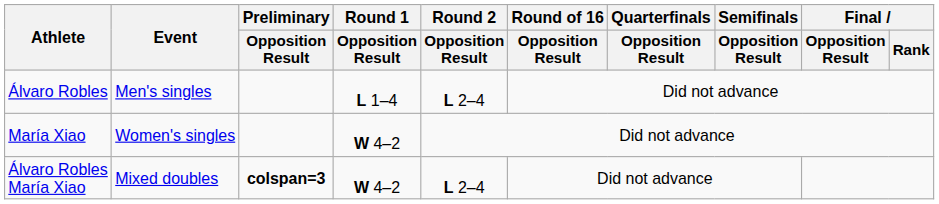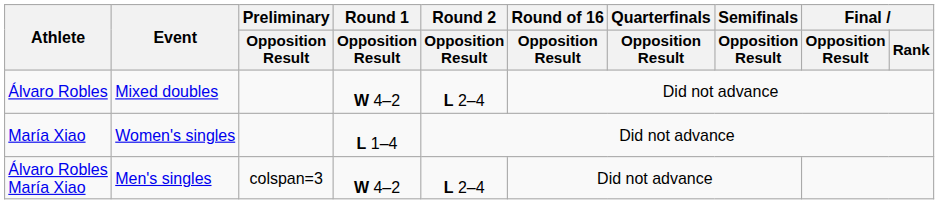 <table class=wikitable style=font-size:90%;text-align:center>
 <tr>
 <th rowspan=2>Athlete</th>
 <th rowspan=2>Event</th>
 <th>Preliminary</th>
 <th>Round 1</th>
 <th>Round 2</th>
 <th>Round of 16</th>
 <th>Quarterfinals</th>
 <th>Semifinals</th>
 <th colspan=2>Final / </th>
 </tr>
 <tr style=font-size:95%>
 <th>Opposition<br>Result</th>
 <th>Opposition<br>Result</th>
 <th>Opposition<br>Result</th>
 <th>Opposition<br>Result</th>
 <th>Opposition<br>Result</th>
 <th>Opposition<br>Result</th>
 <th>Opposition<br>Result</th>
 <th>Rank</th>
 </tr>
 <tr>
 <td align=left><a href='#'>Álvaro Robles</a></td>
-<td align=left><a href='#'>Men's singles</a></td>
+<td align=left><a href='#'>Mixed doubles</a></td>
 <td></td>
-<td><br><strong>L</strong> 1–4</td>
+<td><br><strong>W</strong> 4–2</td>
 <td><br><strong>L</strong> 2–4</td>
 <td colspan=5>Did not advance</td>
 </tr>
 <tr>
 <td align=left><a href='#'>María Xiao</a></td>
 <td align=left><a href='#'>Women's singles</a></td>
 <td></td>
-<td><br><strong>W</strong> 4–2</td>
+<td><br><strong>L</strong> 1–4</td>
 <td colspan=6>Did not advance</td>
 </tr>
 <tr align=center>
 <td align=left><a href='#'>Álvaro Robles</a><br><a href='#'>María Xiao</a></td>
-<td align=left><a href='#'>Mixed doubles</a></td>
-<td><strong>colspan=3 </strong></td>
+<td align=left><a href='#'>Men's singles</a></td>
+<td>colspan=3 </td>
 <td><br><strong>W</strong> 4–2</td>
 <td><br><strong>L</strong> 2–4</td>
 <td colspan=3>Did not advance</td>
 </tr>
 </table>
